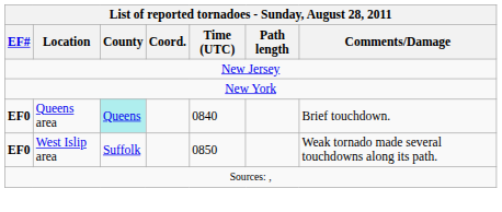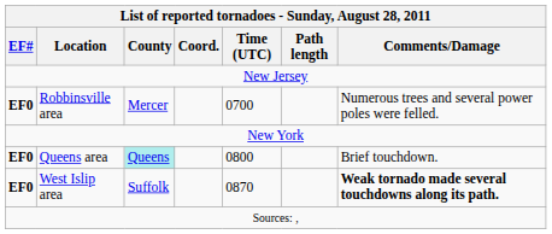 <table class="wikitable collapsible" width="100%">
 <tr>
 <th colspan="7">List of reported tornadoes - Sunday, August 28, 2011</th>
 </tr>
 <tr>
 <th><a href='#'>EF#</a></th>
 <th>Location</th>
 <th>County</th>
 <th>Coord.</th>
 <th>Time (UTC)</th>
 <th>Path length</th>
 <th>Comments/Damage</th>
 </tr>
 <tr>
 <td colspan="7" align=center><a href='#'>New Jersey</a></td>
 </tr>
 <tr>
+<td><strong>EF0</strong></td>
+<td><a href='#'>Robbinsville</a> area</td>
+<td><a href='#'>Mercer</a></td>
+<td></td>
+<td>0700</td>
+<td></td>
+<td>Numerous trees and several power poles were felled.</td>
+</tr>
+<tr>
 <td colspan="7" align=center><a href='#'>New York</a></td>
 </tr>
 <tr>
 <td><strong>EF0</strong></td>
 <td><a href='#'>Queens</a> area</td>
 <td style="background: paleturquoise;"><a href='#'>Queens</a></td>
 <td></td>
-<td>0840</td>
+<td>0800</td>
 <td></td>
 <td>Brief touchdown.</td>
 </tr>
 <tr>
 <td><strong>EF0</strong></td>
 <td><a href='#'>West Islip</a> area</td>
 <td><a href='#'>Suffolk</a></td>
 <td></td>
-<td>0850</td>
+<td>0870</td>
 <td></td>
-<td>Weak tornado made several touchdowns along its path.</td>
+<td><strong>Weak tornado made several touchdowns along its path.</strong></td>
 </tr>
 <tr>
 <td colspan="7" align=center><small>Sources: , </small></td>
 </tr>
 </table>
